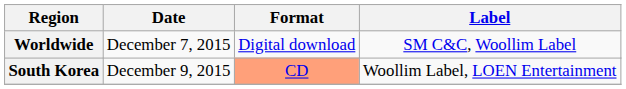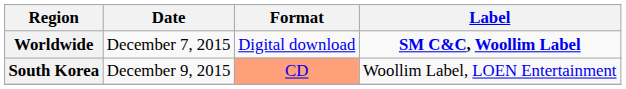 <table class="wikitable plainrowheaders" style="text-align:center;">
 <tr>
 <th scope="col">Region</th>
 <th>Date</th>
 <th>Format</th>
 <th><a href='#'>Label</a></th>
 </tr>
 <tr>
 <th scope="row">Worldwide</th>
 <td rowspan="2">December 7, 2015</td>
 <td rowspan="2"><a href='#'>Digital download</a></td>
-<td><a href='#'>SM C&C</a>, <a href='#'>Woollim Label</a></td>
+<td><strong><a href='#'>SM C&C</a>, <a href='#'>Woollim Label</a></strong></td>
 </tr>
 <tr>
 <th scope="row" rowspan="2">South Korea</th>
 <td rowspan="2">Woollim Label, <a href='#'>LOEN Entertainment</a></td>
 </tr>
 <tr>
 <td>December 9, 2015</td>
 <td style="background: lightsalmon;"><a href='#'>CD</a></td>
 </tr>
 <tr>
 </tr>
 </table>
